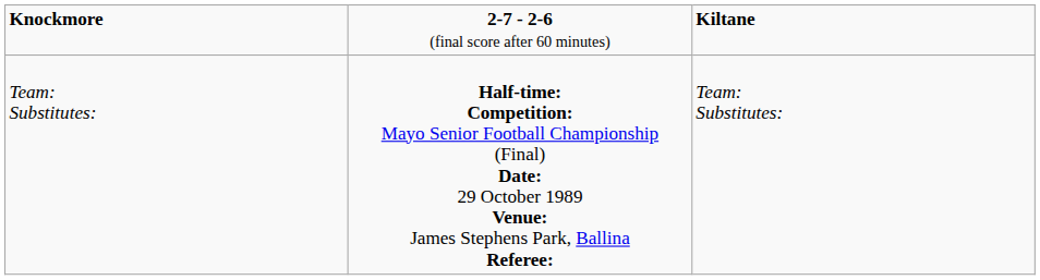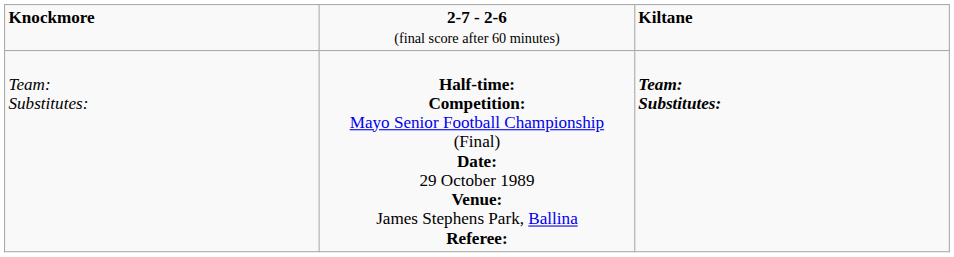 <table border=0 class="wikitable" width=100%>
 <tr>
 <td width=33% valign=top><span><strong>Knockmore</strong></span><br><small></small></td>
 <td width=33% valign=top align=center><span><strong>2-7 - 2-6</strong></span><br><small>(final score after 60 minutes)</small></td>
 <td width=33% valign=top><span><strong>Kiltane</strong></span><br><small></small></td>
 </tr>
 <tr>
 <td valign=top><br><em>Team:</em> <br><em>Substitutes:</em> <br></td>
 <td valign=middle align=center><br><strong>Half-time:</strong><br><strong>Competition:</strong><br><a href='#'>Mayo Senior Football Championship</a><br>(Final)<br><strong>Date:</strong><br>29 October 1989<br><strong>Venue:</strong><br>James Stephens Park, <a href='#'>Ballina</a><br><strong>Referee:</strong><br></td>
-<td valign=top><br><em>Team:</em> <br><em>Substitutes:</em> <br></td>
+<td valign=top><strong><br><em>Team:</em> <br><em>Substitutes:</em> <br></strong></td>
 </tr>
 </table>
